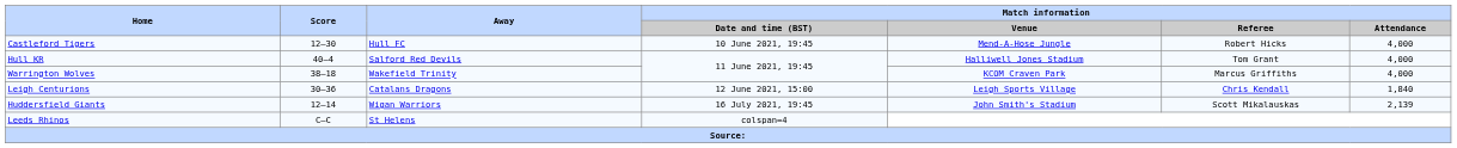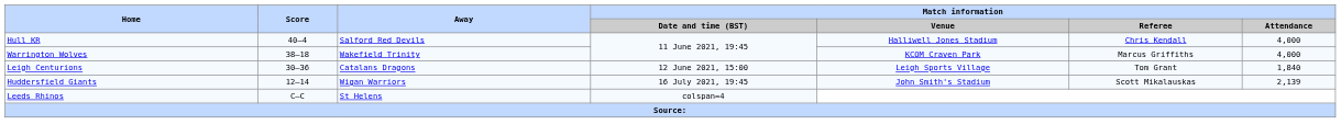 <table border=1 style="border-collapse:collapse; font-size:90%; text-align:center;" cellpadding=3 cellspacing=0 width=100%>
 <tr style="background:#C1D8ff;">
 <th scope="col" rowspan=2 width=19%>Home</th>
 <th scope="col" rowspan=2 width=6%>Score</th>
 <th scope="col" rowspan=2 width=19%>Away</th>
 <th colspan=4>Match information</th>
 </tr>
 <tr style="background:#CCCCCC;">
 <th scope="col" width=17%>Date and time (BST)</th>
 <th scope="col" width=19%>Venue</th>
 <th scope="col" width=13%>Referee</th>
 <th scope="col" width=7%>Attendance</th>
 </tr>
 <tr style="background:#F5FAFF;">
-<td style="text-align:left;"> <a href='#'>Castleford Tigers</a></td>
-<td>12–30</td>
-<td style="text-align:left;"> <a href='#'>Hull FC</a></td>
-<td>10 June 2021, 19:45</td>
-<td><a href='#'>Mend-A-Hose Jungle</a></td>
-<td>Robert Hicks</td>
-<td>4,000</td>
-</tr>
-<tr style="background:#F5FAFF;">
 <td style="text-align:left;"> <a href='#'>Hull KR</a></td>
 <td>40–4</td>
 <td style="text-align:left;"> <a href='#'>Salford Red Devils</a></td>
 <td rowspan=2>11 June 2021, 19:45</td>
 <td><a href='#'>Halliwell Jones Stadium</a></td>
-<td>Tom Grant</td>
+<td><a href='#'>Chris Kendall</a></td>
 <td>4,000</td>
 </tr>
 <tr style="background:#F5FAFF;">
 <td style="text-align:left;"> <a href='#'>Warrington Wolves</a></td>
 <td>38–18</td>
 <td style="text-align:left;"> <a href='#'>Wakefield Trinity</a></td>
 <td><a href='#'>KCOM Craven Park</a></td>
 <td>Marcus Griffiths</td>
 <td>4,000</td>
 </tr>
 <tr style="background:#F5FAFF;">
 <td style="text-align:left;"> <a href='#'>Leigh Centurions</a></td>
 <td>30–36</td>
 <td style="text-align:left;"> <a href='#'>Catalans Dragons</a></td>
 <td>12 June 2021, 15:00</td>
 <td><a href='#'>Leigh Sports Village</a></td>
-<td><a href='#'>Chris Kendall</a></td>
+<td>Tom Grant</td>
 <td>1,840</td>
 </tr>
 <tr style="background:#F5FAFF;">
 <td style="text-align:left;"> <a href='#'>Huddersfield Giants</a></td>
 <td>12–14</td>
 <td style="text-align:left;"> <a href='#'>Wigan Warriors</a></td>
 <td>16 July 2021, 19:45</td>
 <td><a href='#'>John Smith's Stadium</a></td>
 <td>Scott Mikalauskas</td>
 <td>2,139</td>
 </tr>
 <tr style="background:#F5FAFF;">
 <td style="text-align:left;"> <a href='#'>Leeds Rhinos</a></td>
 <td>C–C</td>
 <td style="text-align:left;"> <a href='#'>St Helens</a></td>
 <td>colspan=4 </td>
 </tr>
 <tr style="background:#c1d8ff;">
 <th colspan=7>Source:</th>
 </tr>
 </table>
